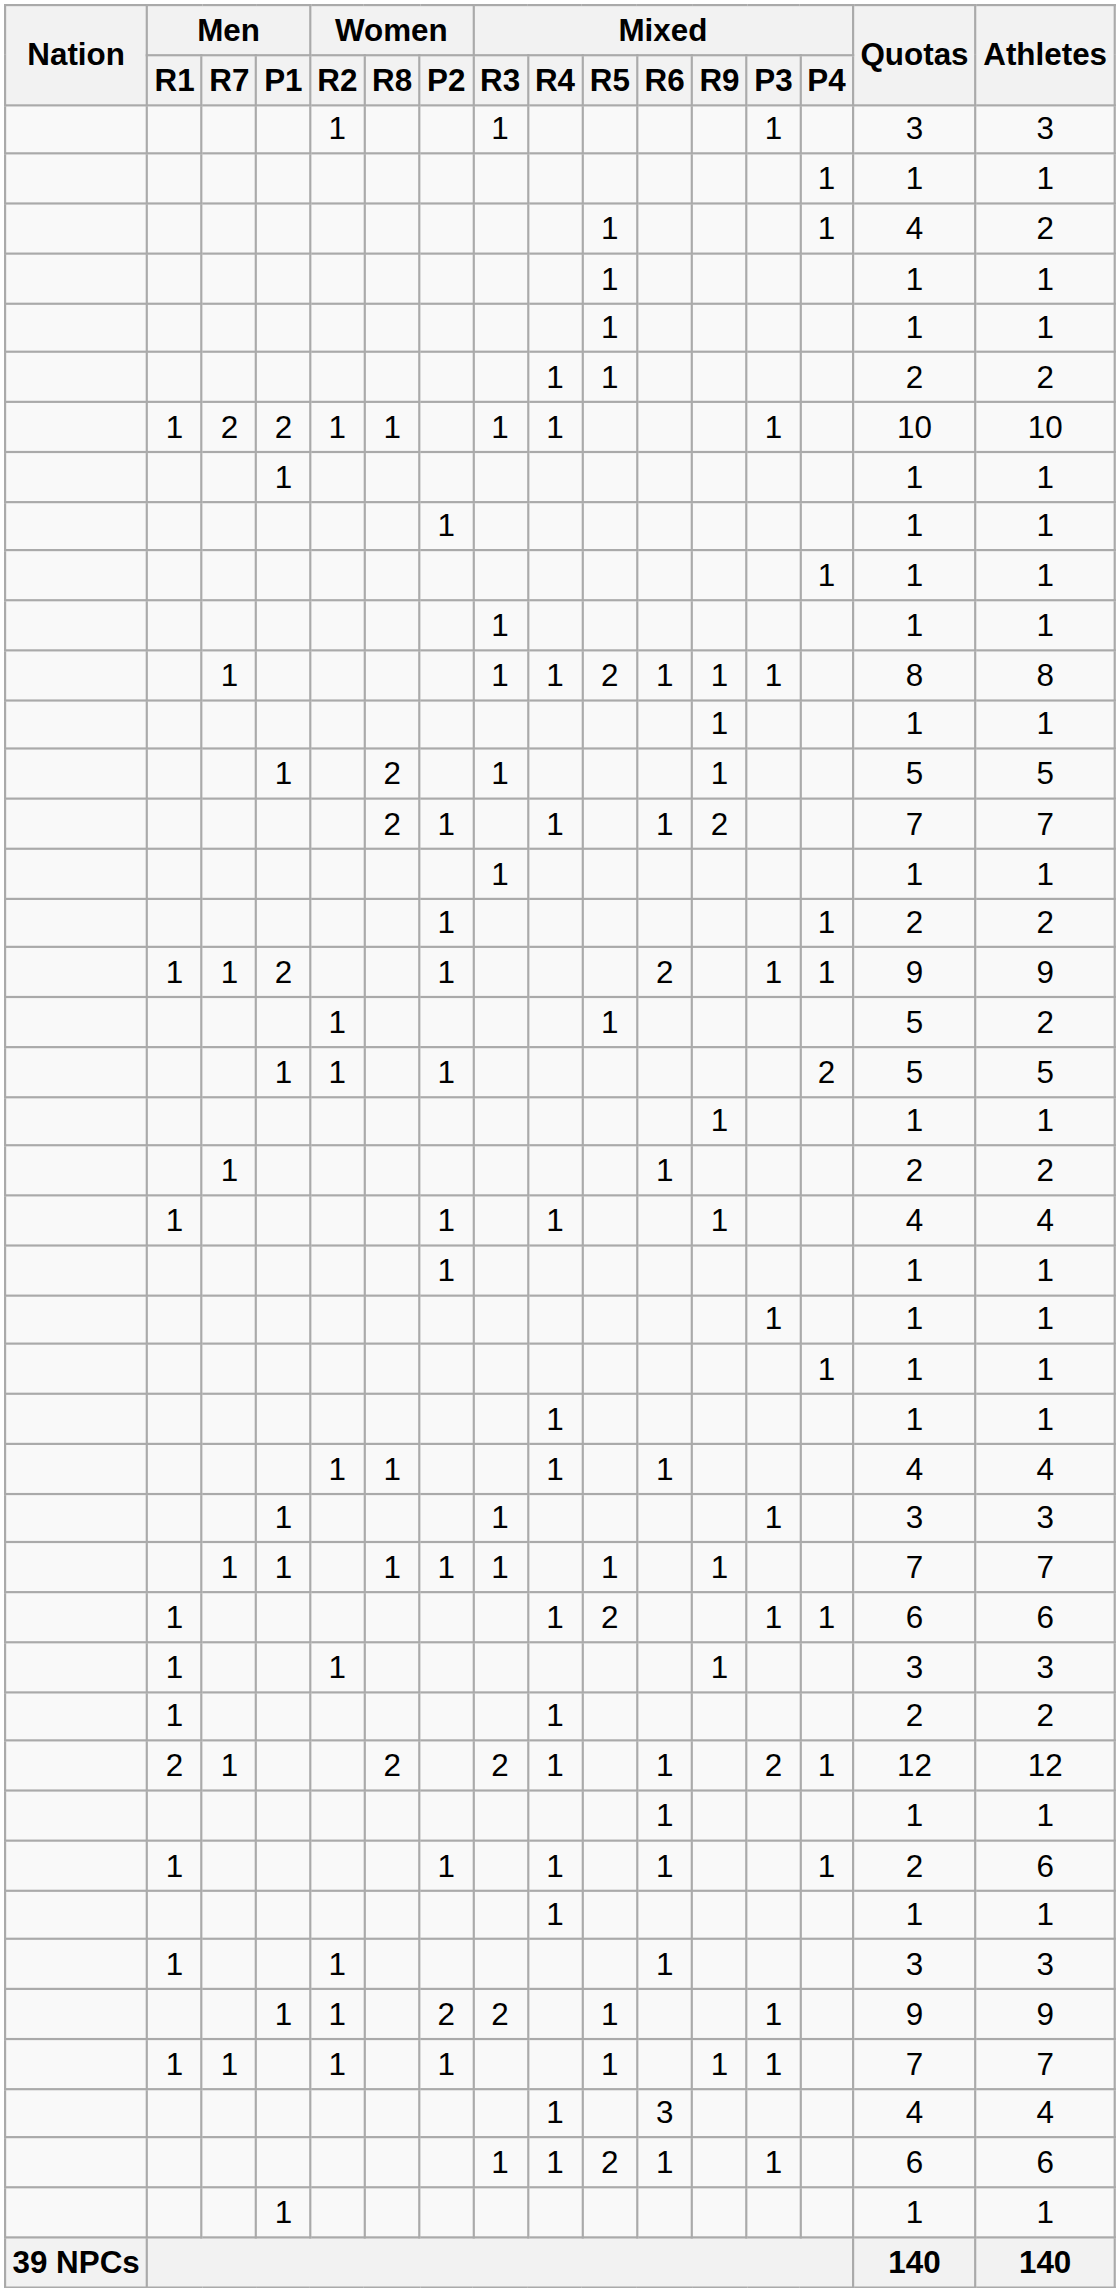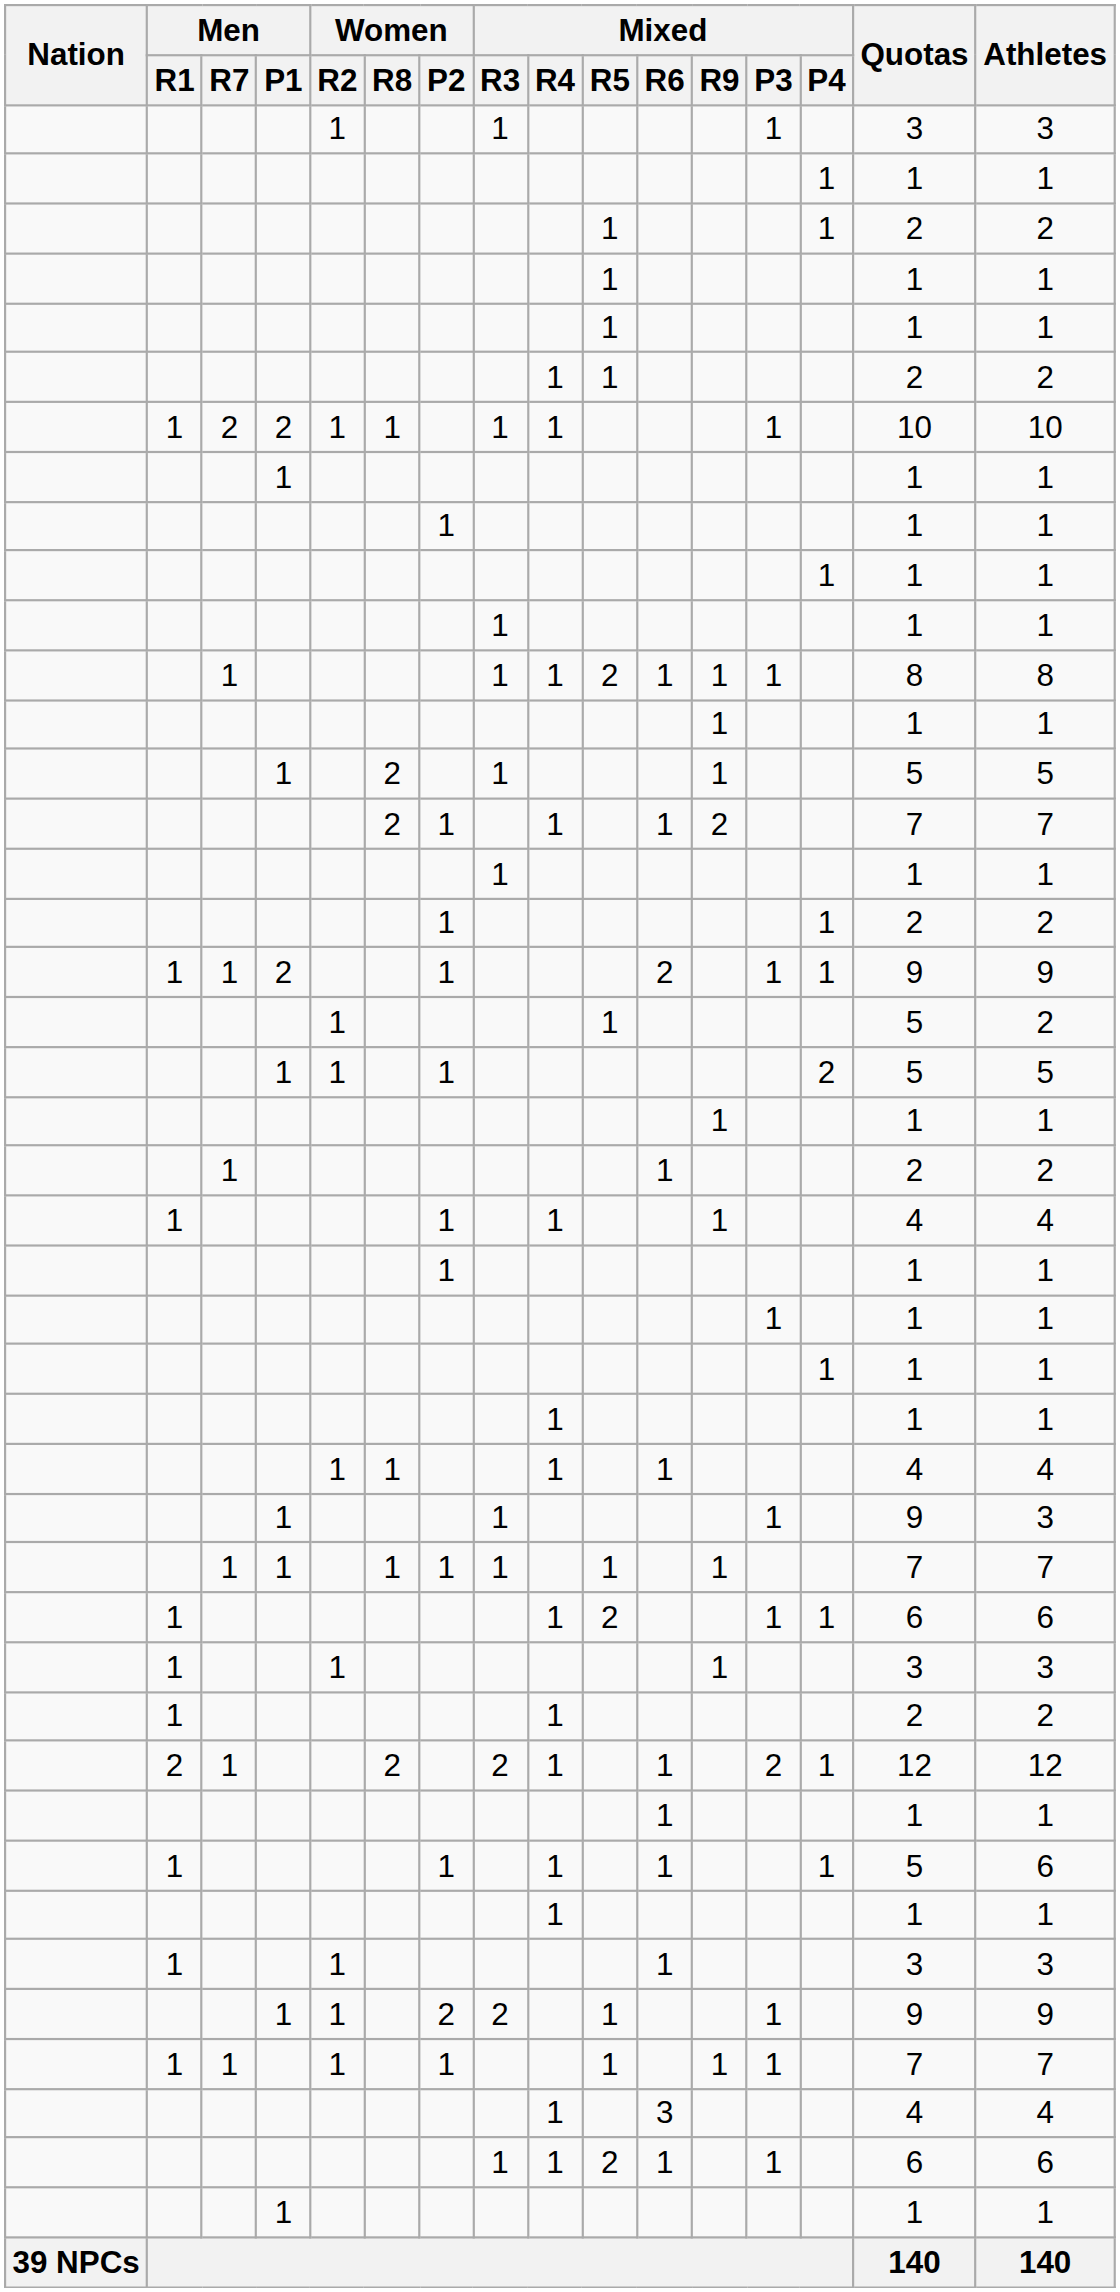 <table class="wikitable sortable" style="font-size:90%">
 <tr>
 <th rowspan="2">Nation</th>
 <th colspan="3">Men</th>
 <th colspan="3">Women</th>
 <th colspan="7">Mixed</th>
 <th rowspan="2">Quotas</th>
 <th rowspan="2">Athletes</th>
 </tr>
 <tr>
 <th>R1</th>
 <th>R7</th>
 <th>P1</th>
 <th>R2</th>
 <th>R8</th>
 <th>P2</th>
 <th>R3</th>
 <th>R4</th>
 <th>R5</th>
 <th>R6</th>
 <th>R9</th>
 <th>P3</th>
 <th>P4</th>
 </tr>
 <tr align=center>
 <td align=left></td>
 <td></td>
 <td></td>
 <td></td>
 <td>1</td>
 <td></td>
 <td></td>
 <td>1</td>
 <td></td>
 <td></td>
 <td></td>
 <td></td>
 <td>1</td>
 <td></td>
 <td>3</td>
 <td>3</td>
 </tr>
 <tr align=center>
 <td align=left></td>
 <td></td>
 <td></td>
 <td></td>
 <td></td>
 <td></td>
 <td></td>
 <td></td>
 <td></td>
 <td></td>
 <td></td>
 <td></td>
 <td></td>
 <td>1</td>
 <td>1</td>
 <td>1</td>
 </tr>
 <tr align=center>
 <td align=left></td>
 <td></td>
 <td></td>
 <td></td>
 <td></td>
 <td></td>
 <td></td>
 <td></td>
 <td></td>
 <td>1</td>
 <td></td>
 <td></td>
 <td></td>
 <td>1</td>
-<td>4</td>
+<td>2</td>
 <td>2</td>
 </tr>
 <tr align=center>
 <td align=left></td>
 <td></td>
 <td></td>
 <td></td>
 <td></td>
 <td></td>
 <td></td>
 <td></td>
 <td></td>
 <td>1</td>
 <td></td>
 <td></td>
 <td></td>
 <td></td>
 <td>1</td>
 <td>1</td>
 </tr>
 <tr align=center>
 <td align=left></td>
 <td></td>
 <td></td>
 <td></td>
 <td></td>
 <td></td>
 <td></td>
 <td></td>
 <td></td>
 <td>1</td>
 <td></td>
 <td></td>
 <td></td>
 <td></td>
 <td>1</td>
 <td>1</td>
 </tr>
 <tr align=center>
 <td align=left></td>
 <td></td>
 <td></td>
 <td></td>
 <td></td>
 <td></td>
 <td></td>
 <td></td>
 <td>1</td>
 <td>1</td>
 <td></td>
 <td></td>
 <td></td>
 <td></td>
 <td>2</td>
 <td>2</td>
 </tr>
 <tr align=center>
 <td align=left></td>
 <td>1</td>
 <td>2</td>
 <td>2</td>
 <td>1</td>
 <td>1</td>
 <td></td>
 <td>1</td>
 <td>1</td>
 <td></td>
 <td></td>
 <td></td>
 <td>1</td>
 <td></td>
 <td>10</td>
 <td>10</td>
 </tr>
 <tr align=center>
 <td align=left></td>
 <td></td>
 <td></td>
 <td>1</td>
 <td></td>
 <td></td>
 <td></td>
 <td></td>
 <td></td>
 <td></td>
 <td></td>
 <td></td>
 <td></td>
 <td></td>
 <td>1</td>
 <td>1</td>
 </tr>
 <tr align=center>
 <td align=left></td>
 <td></td>
 <td></td>
 <td></td>
 <td></td>
 <td></td>
 <td>1</td>
 <td></td>
 <td></td>
 <td></td>
 <td></td>
 <td></td>
 <td></td>
 <td></td>
 <td>1</td>
 <td>1</td>
 </tr>
 <tr align=center>
 <td align=left></td>
 <td></td>
 <td></td>
 <td></td>
 <td></td>
 <td></td>
 <td></td>
 <td></td>
 <td></td>
 <td></td>
 <td></td>
 <td></td>
 <td></td>
 <td>1</td>
 <td>1</td>
 <td>1</td>
 </tr>
 <tr align=center>
 <td align=left></td>
 <td></td>
 <td></td>
 <td></td>
 <td></td>
 <td></td>
 <td></td>
 <td>1</td>
 <td></td>
 <td></td>
 <td></td>
 <td></td>
 <td></td>
 <td></td>
 <td>1</td>
 <td>1</td>
 </tr>
 <tr align=center>
 <td align=left></td>
 <td></td>
 <td>1</td>
 <td></td>
 <td></td>
 <td></td>
 <td></td>
 <td>1</td>
 <td>1</td>
 <td>2</td>
 <td>1</td>
 <td>1</td>
 <td>1</td>
 <td></td>
 <td>8</td>
 <td>8</td>
 </tr>
 <tr align=center>
 <td align=left></td>
 <td></td>
 <td></td>
 <td></td>
 <td></td>
 <td></td>
 <td></td>
 <td></td>
 <td></td>
 <td></td>
 <td></td>
 <td>1</td>
 <td></td>
 <td></td>
 <td>1</td>
 <td>1</td>
 </tr>
 <tr align=center>
 <td align=left></td>
 <td></td>
 <td></td>
 <td>1</td>
 <td></td>
 <td>2</td>
 <td></td>
 <td>1</td>
 <td></td>
 <td></td>
 <td></td>
 <td>1</td>
 <td></td>
 <td></td>
 <td>5</td>
 <td>5</td>
 </tr>
 <tr align=center>
 <td align=left></td>
 <td></td>
 <td></td>
 <td></td>
 <td></td>
 <td>2</td>
 <td>1</td>
 <td></td>
 <td>1</td>
 <td></td>
 <td>1</td>
 <td>2</td>
 <td></td>
 <td></td>
 <td>7</td>
 <td>7</td>
 </tr>
 <tr align=center>
 <td align=left></td>
 <td></td>
 <td></td>
 <td></td>
 <td></td>
 <td></td>
 <td></td>
 <td>1</td>
 <td></td>
 <td></td>
 <td></td>
 <td></td>
 <td></td>
 <td></td>
 <td>1</td>
 <td>1</td>
 </tr>
 <tr align=center>
 <td align=left></td>
 <td></td>
 <td></td>
 <td></td>
 <td></td>
 <td></td>
 <td>1</td>
 <td></td>
 <td></td>
 <td></td>
 <td></td>
 <td></td>
 <td></td>
 <td>1</td>
 <td>2</td>
 <td>2</td>
 </tr>
 <tr align=center>
 <td align=left></td>
 <td>1</td>
 <td>1</td>
 <td>2</td>
 <td></td>
 <td></td>
 <td>1</td>
 <td></td>
 <td></td>
 <td></td>
 <td>2</td>
 <td></td>
 <td>1</td>
 <td>1</td>
 <td>9</td>
 <td>9</td>
 </tr>
 <tr align=center>
 <td align=left></td>
 <td></td>
 <td></td>
 <td></td>
 <td>1</td>
 <td></td>
 <td></td>
 <td></td>
 <td></td>
 <td>1</td>
 <td></td>
 <td></td>
 <td></td>
 <td></td>
 <td>5</td>
 <td>2</td>
 </tr>
 <tr align=center>
 <td align=left></td>
 <td></td>
 <td></td>
 <td>1</td>
 <td>1</td>
 <td></td>
 <td>1</td>
 <td></td>
 <td></td>
 <td></td>
 <td></td>
 <td></td>
 <td></td>
 <td>2</td>
 <td>5</td>
 <td>5</td>
 </tr>
 <tr align=center>
 <td align=left></td>
 <td></td>
 <td></td>
 <td></td>
 <td></td>
 <td></td>
 <td></td>
 <td></td>
 <td></td>
 <td></td>
 <td></td>
 <td>1</td>
 <td></td>
 <td></td>
 <td>1</td>
 <td>1</td>
 </tr>
 <tr align=center>
 <td align=left></td>
 <td></td>
 <td>1</td>
 <td></td>
 <td></td>
 <td></td>
 <td></td>
 <td></td>
 <td></td>
 <td></td>
 <td>1</td>
 <td></td>
 <td></td>
 <td></td>
 <td>2</td>
 <td>2</td>
 </tr>
 <tr align=center>
 <td align=left></td>
 <td>1</td>
 <td></td>
 <td></td>
 <td></td>
 <td></td>
 <td>1</td>
 <td></td>
 <td>1</td>
 <td></td>
 <td></td>
 <td>1</td>
 <td></td>
 <td></td>
 <td>4</td>
 <td>4</td>
 </tr>
 <tr align=center>
 <td align=left></td>
 <td></td>
 <td></td>
 <td></td>
 <td></td>
 <td></td>
 <td>1</td>
 <td></td>
 <td></td>
 <td></td>
 <td></td>
 <td></td>
 <td></td>
 <td></td>
 <td>1</td>
 <td>1</td>
 </tr>
 <tr align=center>
 <td align=left></td>
 <td></td>
 <td></td>
 <td></td>
 <td></td>
 <td></td>
 <td></td>
 <td></td>
 <td></td>
 <td></td>
 <td></td>
 <td></td>
 <td>1</td>
 <td></td>
 <td>1</td>
 <td>1</td>
 </tr>
 <tr align=center>
 <td align=left></td>
 <td></td>
 <td></td>
 <td></td>
 <td></td>
 <td></td>
 <td></td>
 <td></td>
 <td></td>
 <td></td>
 <td></td>
 <td></td>
 <td></td>
 <td>1</td>
 <td>1</td>
 <td>1</td>
 </tr>
 <tr align=center>
 <td align=left></td>
 <td></td>
 <td></td>
 <td></td>
 <td></td>
 <td></td>
 <td></td>
 <td></td>
 <td>1</td>
 <td></td>
 <td></td>
 <td></td>
 <td></td>
 <td></td>
 <td>1</td>
 <td>1</td>
 </tr>
 <tr align=center>
 <td align=left></td>
 <td></td>
 <td></td>
 <td></td>
 <td>1</td>
 <td>1</td>
 <td></td>
 <td></td>
 <td>1</td>
 <td></td>
 <td>1</td>
 <td></td>
 <td></td>
 <td></td>
 <td>4</td>
 <td>4</td>
 </tr>
 <tr align=center>
 <td align=left></td>
 <td></td>
 <td></td>
 <td>1</td>
 <td></td>
 <td></td>
 <td></td>
 <td>1</td>
 <td></td>
 <td></td>
 <td></td>
 <td></td>
 <td>1</td>
 <td></td>
-<td>3</td>
+<td>9</td>
 <td>3</td>
 </tr>
 <tr align=center>
 <td align=left></td>
 <td></td>
 <td>1</td>
 <td>1</td>
 <td></td>
 <td>1</td>
 <td>1</td>
 <td>1</td>
 <td></td>
 <td>1</td>
 <td></td>
 <td>1</td>
 <td></td>
 <td></td>
 <td>7</td>
 <td>7</td>
 </tr>
 <tr align=center>
 <td align=left></td>
 <td>1</td>
 <td></td>
 <td></td>
 <td></td>
 <td></td>
 <td></td>
 <td></td>
 <td>1</td>
 <td>2</td>
 <td></td>
 <td></td>
 <td>1</td>
 <td>1</td>
 <td>6</td>
 <td>6</td>
 </tr>
 <tr align=center>
 <td align=left></td>
 <td>1</td>
 <td></td>
 <td></td>
 <td>1</td>
 <td></td>
 <td></td>
 <td></td>
 <td></td>
 <td></td>
 <td></td>
 <td>1</td>
 <td></td>
 <td></td>
 <td>3</td>
 <td>3</td>
 </tr>
 <tr align=center>
 <td align=left></td>
 <td>1</td>
 <td></td>
 <td></td>
 <td></td>
 <td></td>
 <td></td>
 <td></td>
 <td>1</td>
 <td></td>
 <td></td>
 <td></td>
 <td></td>
 <td></td>
 <td>2</td>
 <td>2</td>
 </tr>
 <tr align=center>
 <td align=left></td>
 <td>2</td>
 <td>1</td>
 <td></td>
 <td></td>
 <td>2</td>
 <td></td>
 <td>2</td>
 <td>1</td>
 <td></td>
 <td>1</td>
 <td></td>
 <td>2</td>
 <td>1</td>
 <td>12</td>
 <td>12</td>
 </tr>
 <tr align=center>
 <td align=left></td>
 <td></td>
 <td></td>
 <td></td>
 <td></td>
 <td></td>
 <td></td>
 <td></td>
 <td></td>
 <td></td>
 <td>1</td>
 <td></td>
 <td></td>
 <td></td>
 <td>1</td>
 <td>1</td>
 </tr>
 <tr align=center>
 <td align=left></td>
 <td>1</td>
 <td></td>
 <td></td>
 <td></td>
 <td></td>
 <td>1</td>
 <td></td>
 <td>1</td>
 <td></td>
 <td>1</td>
 <td></td>
 <td></td>
 <td>1</td>
-<td>2</td>
+<td>5</td>
 <td>6</td>
 </tr>
 <tr align=center>
 <td align=left></td>
 <td></td>
 <td></td>
 <td></td>
 <td></td>
 <td></td>
 <td></td>
 <td></td>
 <td>1</td>
 <td></td>
 <td></td>
 <td></td>
 <td></td>
 <td></td>
 <td>1</td>
 <td>1</td>
 </tr>
 <tr align=center>
 <td align=left></td>
 <td>1</td>
 <td></td>
 <td></td>
 <td>1</td>
 <td></td>
 <td></td>
 <td></td>
 <td></td>
 <td></td>
 <td>1</td>
 <td></td>
 <td></td>
 <td></td>
 <td>3</td>
 <td>3</td>
 </tr>
 <tr align=center>
 <td align=left></td>
 <td></td>
 <td></td>
 <td>1</td>
 <td>1</td>
 <td></td>
 <td>2</td>
 <td>2</td>
 <td></td>
 <td>1</td>
 <td></td>
 <td></td>
 <td>1</td>
 <td></td>
 <td>9</td>
 <td>9</td>
 </tr>
 <tr align=center>
 <td align=left></td>
 <td>1</td>
 <td>1</td>
 <td></td>
 <td>1</td>
 <td></td>
 <td>1</td>
 <td></td>
 <td></td>
 <td>1</td>
 <td></td>
 <td>1</td>
 <td>1</td>
 <td></td>
 <td>7</td>
 <td>7</td>
 </tr>
 <tr align=center>
 <td align=left></td>
 <td></td>
 <td></td>
 <td></td>
 <td></td>
 <td></td>
 <td></td>
 <td></td>
 <td>1</td>
 <td></td>
 <td>3</td>
 <td></td>
 <td></td>
 <td></td>
 <td>4</td>
 <td>4</td>
 </tr>
 <tr align=center>
 <td align=left></td>
 <td></td>
 <td></td>
 <td></td>
 <td></td>
 <td></td>
 <td></td>
 <td>1</td>
 <td>1</td>
 <td>2</td>
 <td>1</td>
 <td></td>
 <td>1</td>
 <td></td>
 <td>6</td>
 <td>6</td>
 </tr>
 <tr align=center>
 <td align=left></td>
 <td></td>
 <td></td>
 <td>1</td>
 <td></td>
 <td></td>
 <td></td>
 <td></td>
 <td></td>
 <td></td>
 <td></td>
 <td></td>
 <td></td>
 <td></td>
 <td>1</td>
 <td>1</td>
 </tr>
 <tr>
 <th>39 NPCs</th>
 <th colspan=13></th>
 <th>140</th>
 <th>140</th>
 </tr>
 </table>
